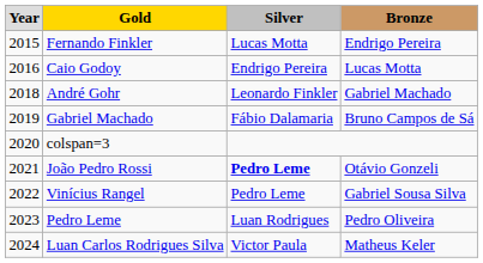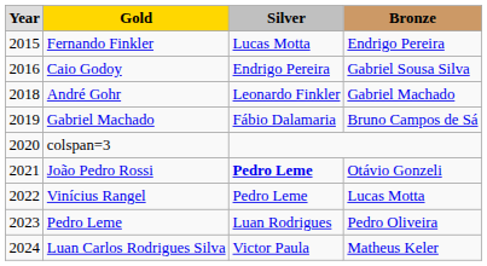 <table class="wikitable sortable alternance" style="font-size:95%">
 <tr style="text-align:center; background:#e4e4e4; font-weight:bold;">
 <td style="background:#ddd; ">Year</td>
 <td style="background:gold; ">Gold</td>
 <td style="background:silver; ">Silver</td>
 <td style="background:#c96; ">Bronze</td>
 </tr>
 <tr>
 <td>2015</td>
 <td><a href='#'>Fernando Finkler</a></td>
 <td><a href='#'>Lucas Motta</a></td>
 <td><a href='#'>Endrigo Pereira</a></td>
 </tr>
 <tr>
 <td>2016</td>
 <td><a href='#'>Caio Godoy</a></td>
 <td><a href='#'>Endrigo Pereira</a></td>
-<td><a href='#'>Lucas Motta</a></td>
+<td><a href='#'>Gabriel Sousa Silva</a></td>
 </tr>
 <tr>
 <td>2018</td>
 <td><a href='#'>André Gohr</a></td>
 <td><a href='#'>Leonardo Finkler</a></td>
 <td><a href='#'>Gabriel Machado</a></td>
 </tr>
 <tr>
 <td>2019</td>
 <td><a href='#'>Gabriel Machado</a></td>
 <td><a href='#'>Fábio Dalamaria</a></td>
 <td><a href='#'>Bruno Campos de Sá</a></td>
 </tr>
 <tr>
 <td>2020</td>
 <td>colspan=3 </td>
 </tr>
 <tr>
 <td>2021</td>
 <td><a href='#'>João Pedro Rossi</a></td>
 <td><strong><a href='#'>Pedro Leme</a></strong></td>
 <td><a href='#'>Otávio Gonzeli</a></td>
 </tr>
 <tr>
 <td>2022</td>
 <td><a href='#'>Vinícius Rangel</a></td>
 <td><a href='#'>Pedro Leme</a></td>
-<td><a href='#'>Gabriel Sousa Silva</a></td>
+<td><a href='#'>Lucas Motta</a></td>
 </tr>
 <tr>
 <td>2023</td>
 <td><a href='#'>Pedro Leme</a></td>
 <td><a href='#'>Luan Rodrigues</a></td>
 <td><a href='#'>Pedro Oliveira</a></td>
 </tr>
 <tr>
 <td>2024</td>
 <td><a href='#'>Luan Carlos Rodrigues Silva</a></td>
 <td><a href='#'>Victor Paula</a></td>
 <td><a href='#'>Matheus Keler</a></td>
 </tr>
 </table>
